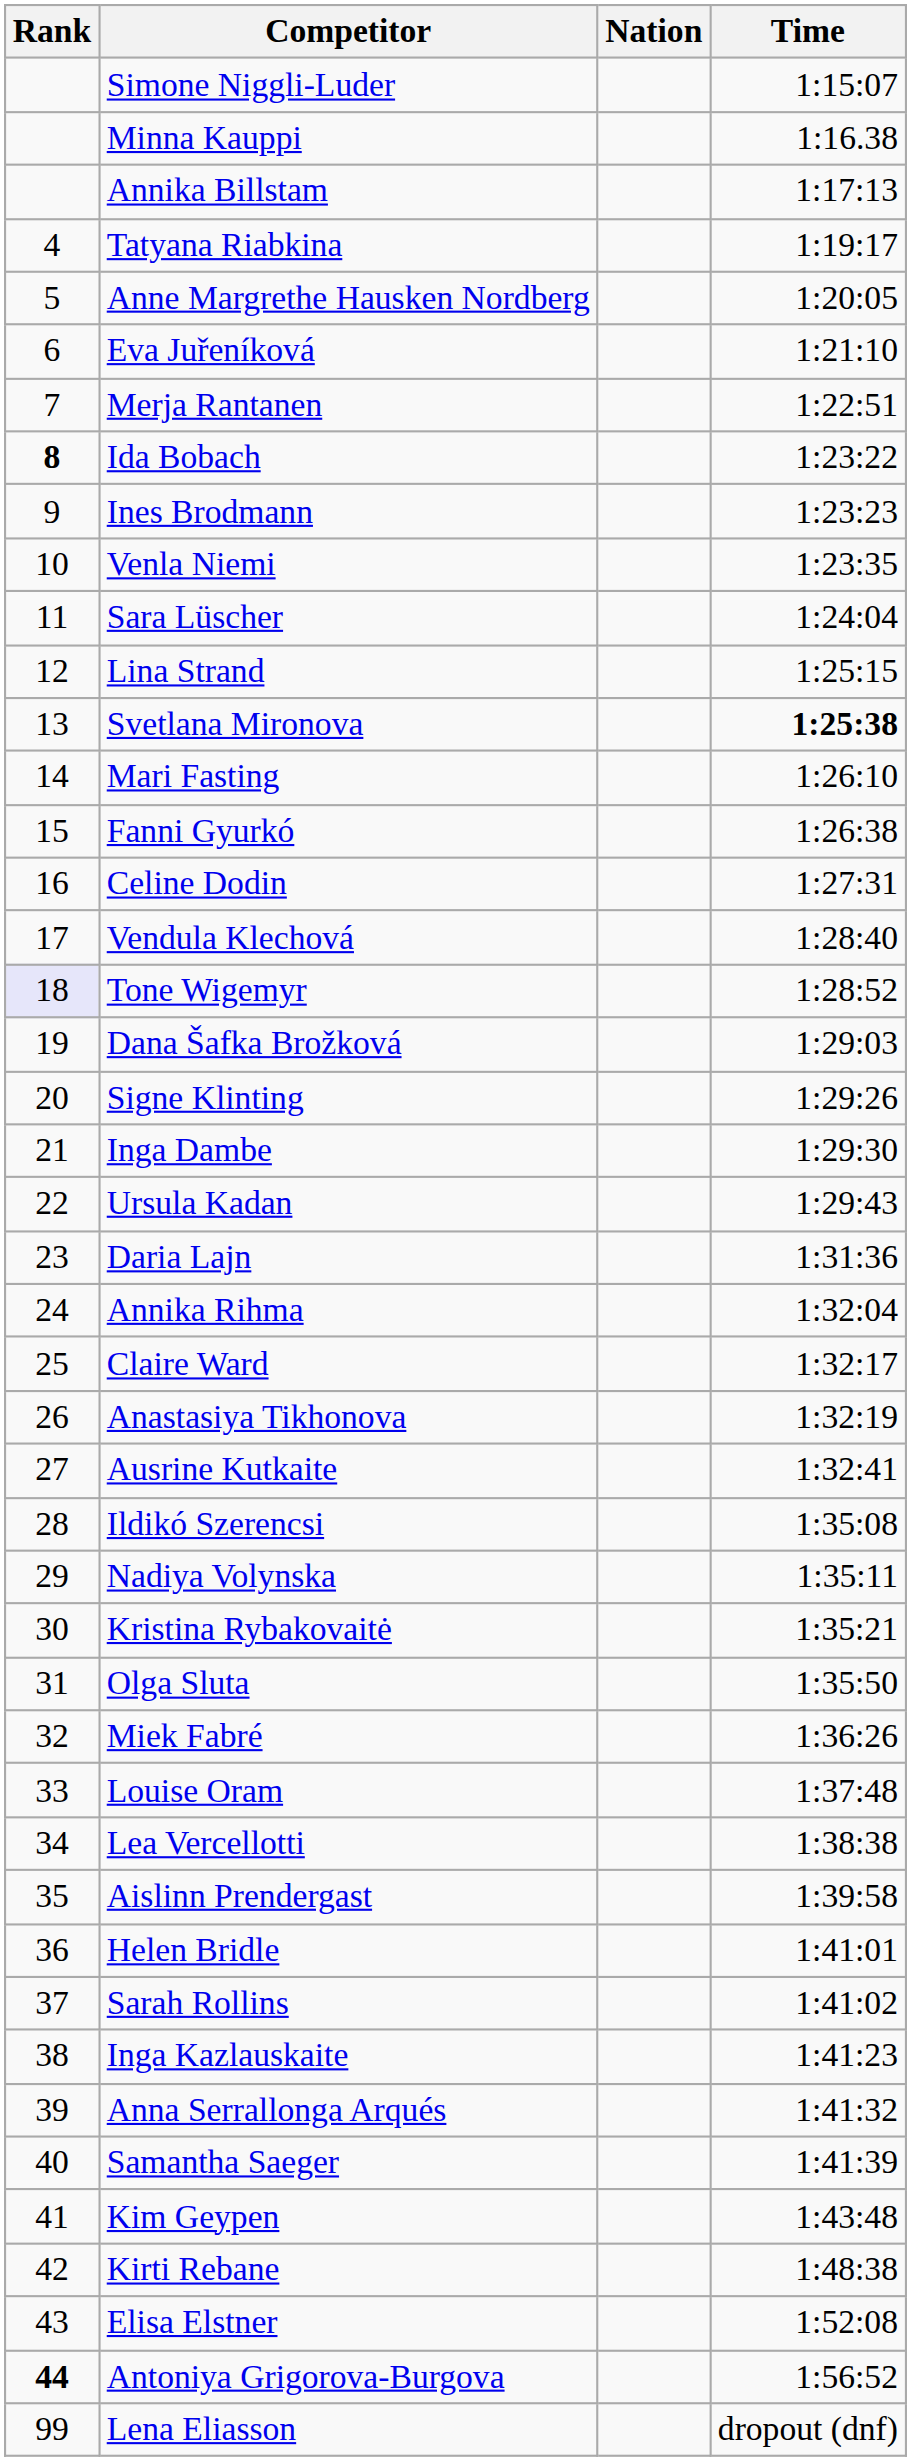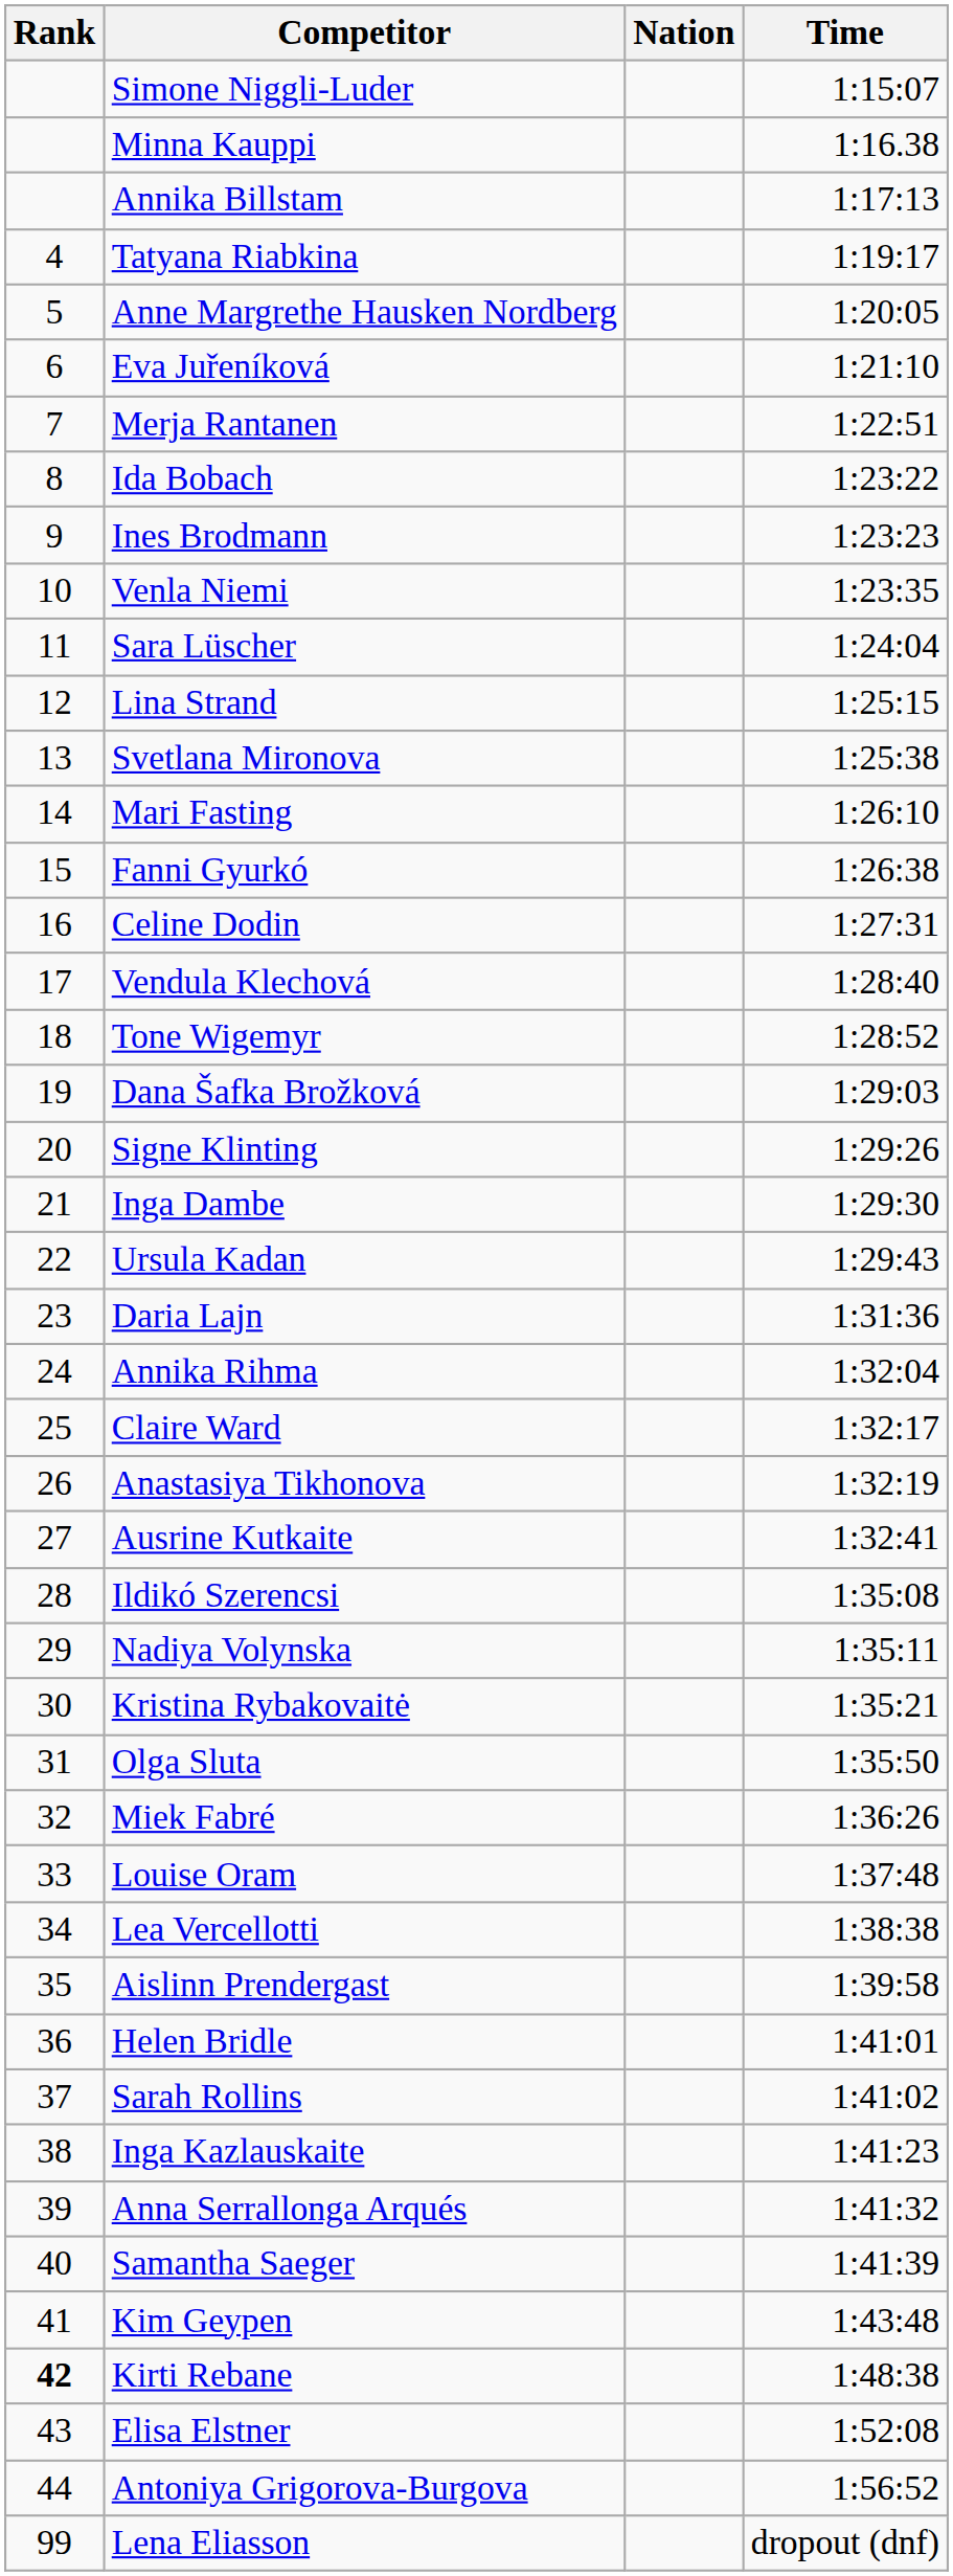 <table class="wikitable sortable" style="text-align:left">
 <tr>
 <th data-sort-type="number">Rank</th>
 <th class="unsortable">Competitor</th>
 <th>Nation</th>
 <th>Time</th>
 </tr>
 <tr>
 <td style="text-align:center"></td>
 <td><a href='#'>Simone Niggli-Luder</a></td>
 <td></td>
 <td style="text-align:right">1:15:07</td>
 </tr>
 <tr>
 <td style="text-align:center"></td>
 <td><a href='#'>Minna Kauppi</a></td>
 <td></td>
 <td style="text-align:right">1:16.38</td>
 </tr>
 <tr>
 <td style="text-align:center"></td>
 <td><a href='#'>Annika Billstam</a></td>
 <td></td>
 <td style="text-align:right">1:17:13</td>
 </tr>
 <tr>
 <td style="text-align:center">4</td>
 <td><a href='#'>Tatyana Riabkina</a></td>
 <td></td>
 <td style="text-align:right">1:19:17</td>
 </tr>
 <tr>
 <td style="text-align:center">5</td>
 <td><a href='#'>Anne Margrethe Hausken Nordberg</a></td>
 <td></td>
 <td style="text-align:right">1:20:05</td>
 </tr>
 <tr>
 <td style="text-align:center">6</td>
 <td><a href='#'>Eva Juřeníková</a></td>
 <td></td>
 <td style="text-align:right">1:21:10</td>
 </tr>
 <tr>
 <td style="text-align:center">7</td>
 <td><a href='#'>Merja Rantanen</a></td>
 <td></td>
 <td style="text-align:right">1:22:51</td>
 </tr>
 <tr>
-<td style="text-align:center"><strong>8</strong></td>
+<td style="text-align:center">8</td>
 <td><a href='#'>Ida Bobach</a></td>
 <td></td>
 <td style="text-align:right">1:23:22</td>
 </tr>
 <tr>
 <td style="text-align:center">9</td>
 <td><a href='#'>Ines Brodmann</a></td>
 <td></td>
 <td style="text-align:right">1:23:23</td>
 </tr>
 <tr>
 <td style="text-align:center">10</td>
 <td><a href='#'>Venla Niemi</a></td>
 <td></td>
 <td style="text-align:right">1:23:35</td>
 </tr>
 <tr>
 <td style="text-align:center">11</td>
 <td><a href='#'>Sara Lüscher</a></td>
 <td></td>
 <td style="text-align:right">1:24:04</td>
 </tr>
 <tr>
 <td style="text-align:center">12</td>
 <td><a href='#'>Lina Strand</a></td>
 <td></td>
 <td style="text-align:right">1:25:15</td>
 </tr>
 <tr>
 <td style="text-align:center">13</td>
 <td><a href='#'>Svetlana Mironova</a></td>
 <td></td>
-<td style="text-align:right"><strong>1:25:38</strong></td>
+<td style="text-align:right">1:25:38</td>
 </tr>
 <tr>
 <td style="text-align:center">14</td>
 <td><a href='#'>Mari Fasting</a></td>
 <td></td>
 <td style="text-align:right">1:26:10</td>
 </tr>
 <tr>
 <td style="text-align:center">15</td>
 <td><a href='#'>Fanni Gyurkó</a></td>
 <td></td>
 <td style="text-align:right">1:26:38</td>
 </tr>
 <tr>
 <td style="text-align:center">16</td>
 <td><a href='#'>Celine Dodin</a></td>
 <td></td>
 <td style="text-align:right">1:27:31</td>
 </tr>
 <tr>
 <td style="text-align:center">17</td>
 <td><a href='#'>Vendula Klechová</a></td>
 <td></td>
 <td style="text-align:right">1:28:40</td>
 </tr>
 <tr>
-<td style="background: lavender; text-align:center">18</td>
+<td style="text-align:center">18</td>
 <td><a href='#'>Tone Wigemyr</a></td>
 <td></td>
 <td style="text-align:right">1:28:52</td>
 </tr>
 <tr>
 <td style="text-align:center">19</td>
 <td><a href='#'>Dana Šafka Brožková</a></td>
 <td></td>
 <td style="text-align:right">1:29:03</td>
 </tr>
 <tr>
 <td style="text-align:center">20</td>
 <td><a href='#'>Signe Klinting</a></td>
 <td></td>
 <td style="text-align:right">1:29:26</td>
 </tr>
 <tr>
 <td style="text-align:center">21</td>
 <td><a href='#'>Inga Dambe</a></td>
 <td></td>
 <td style="text-align:right">1:29:30</td>
 </tr>
 <tr>
 <td style="text-align:center">22</td>
 <td><a href='#'>Ursula Kadan</a></td>
 <td></td>
 <td style="text-align:right">1:29:43</td>
 </tr>
 <tr>
 <td style="text-align:center">23</td>
 <td><a href='#'>Daria Lajn</a></td>
 <td></td>
 <td style="text-align:right">1:31:36</td>
 </tr>
 <tr>
 <td style="text-align:center">24</td>
 <td><a href='#'>Annika Rihma</a></td>
 <td></td>
 <td style="text-align:right">1:32:04</td>
 </tr>
 <tr>
 <td style="text-align:center">25</td>
 <td><a href='#'>Claire Ward</a></td>
 <td></td>
 <td style="text-align:right">1:32:17</td>
 </tr>
 <tr>
 <td style="text-align:center">26</td>
 <td><a href='#'>Anastasiya Tikhonova</a></td>
 <td></td>
 <td style="text-align:right">1:32:19</td>
 </tr>
 <tr>
 <td style="text-align:center">27</td>
 <td><a href='#'>Ausrine Kutkaite</a></td>
 <td></td>
 <td style="text-align:right">1:32:41</td>
 </tr>
 <tr>
 <td style="text-align:center">28</td>
 <td><a href='#'>Ildikó Szerencsi</a></td>
 <td></td>
 <td style="text-align:right">1:35:08</td>
 </tr>
 <tr>
 <td style="text-align:center">29</td>
 <td><a href='#'>Nadiya Volynska</a></td>
 <td></td>
 <td style="text-align:right">1:35:11</td>
 </tr>
 <tr>
 <td style="text-align:center">30</td>
 <td><a href='#'>Kristina Rybakovaitė</a></td>
 <td></td>
 <td style="text-align:right">1:35:21</td>
 </tr>
 <tr>
 <td style="text-align:center">31</td>
 <td><a href='#'>Olga Sluta</a></td>
 <td></td>
 <td style="text-align:right">1:35:50</td>
 </tr>
 <tr>
 <td style="text-align:center">32</td>
 <td><a href='#'>Miek Fabré</a></td>
 <td></td>
 <td style="text-align:right">1:36:26</td>
 </tr>
 <tr>
 <td style="text-align:center">33</td>
 <td><a href='#'>Louise Oram</a></td>
 <td></td>
 <td style="text-align:right">1:37:48</td>
 </tr>
 <tr>
 <td style="text-align:center">34</td>
 <td><a href='#'>Lea Vercellotti</a></td>
 <td></td>
 <td style="text-align:right">1:38:38</td>
 </tr>
 <tr>
 <td style="text-align:center">35</td>
 <td><a href='#'>Aislinn Prendergast</a></td>
 <td></td>
 <td style="text-align:right">1:39:58</td>
 </tr>
 <tr>
 <td style="text-align:center">36</td>
 <td><a href='#'>Helen Bridle</a></td>
 <td></td>
 <td style="text-align:right">1:41:01</td>
 </tr>
 <tr>
 <td style="text-align:center">37</td>
 <td><a href='#'>Sarah Rollins</a></td>
 <td></td>
 <td style="text-align:right">1:41:02</td>
 </tr>
 <tr>
 <td style="text-align:center">38</td>
 <td><a href='#'>Inga Kazlauskaite</a></td>
 <td></td>
 <td style="text-align:right">1:41:23</td>
 </tr>
 <tr>
 <td style="text-align:center">39</td>
 <td><a href='#'>Anna Serrallonga Arqués</a></td>
 <td></td>
 <td style="text-align:right">1:41:32</td>
 </tr>
 <tr>
 <td style="text-align:center">40</td>
 <td><a href='#'>Samantha Saeger</a></td>
 <td></td>
 <td style="text-align:right">1:41:39</td>
 </tr>
 <tr>
 <td style="text-align:center">41</td>
 <td><a href='#'>Kim Geypen</a></td>
 <td></td>
 <td style="text-align:right">1:43:48</td>
 </tr>
 <tr>
-<td style="text-align:center">42</td>
+<td style="text-align:center"><strong>42</strong></td>
 <td><a href='#'>Kirti Rebane</a></td>
 <td></td>
 <td style="text-align:right">1:48:38</td>
 </tr>
 <tr>
 <td style="text-align:center">43</td>
 <td><a href='#'>Elisa Elstner</a></td>
 <td></td>
 <td style="text-align:right">1:52:08</td>
 </tr>
 <tr>
-<td style="text-align:center"><strong>44</strong></td>
+<td style="text-align:center">44</td>
 <td><a href='#'>Antoniya Grigorova-Burgova</a></td>
 <td></td>
 <td style="text-align:right">1:56:52</td>
 </tr>
 <tr>
 <td style="text-align:center"><span>99</span></td>
 <td><a href='#'>Lena Eliasson</a></td>
 <td></td>
 <td style="text-align:center">dropout (dnf)</td>
 </tr>
 </table>
